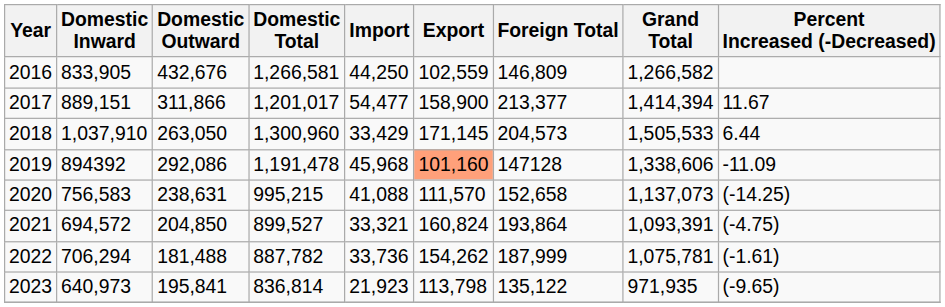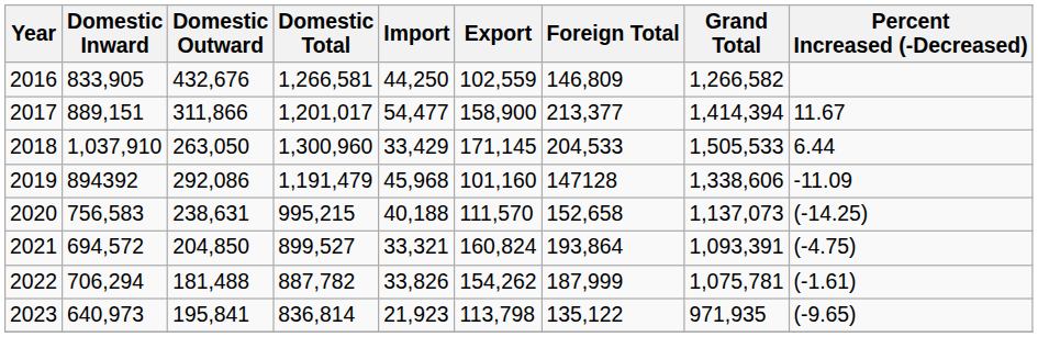 <table class="wikitable sortable">
 <tr>
 <th>Year</th>
 <th>Domestic<br>Inward</th>
 <th>Domestic<br>Outward</th>
 <th>Domestic<br>Total</th>
 <th>Import</th>
 <th>Export</th>
 <th>Foreign Total</th>
 <th>Grand<br>Total</th>
 <th>Percent<br>Increased (-Decreased)</th>
 </tr>
 <tr>
 <td>2016</td>
 <td>833,905</td>
 <td>432,676</td>
 <td>1,266,581</td>
 <td>44,250</td>
 <td>102,559</td>
 <td>146,809</td>
 <td>1,266,582</td>
 <td></td>
 </tr>
 <tr>
 <td>2017</td>
 <td>889,151</td>
 <td>311,866</td>
 <td>1,201,017</td>
 <td>54,477</td>
 <td>158,900</td>
 <td>213,377</td>
 <td>1,414,394</td>
 <td>11.67</td>
 </tr>
 <tr>
 <td>2018</td>
 <td>1,037,910</td>
 <td>263,050</td>
 <td>1,300,960</td>
 <td>33,429</td>
 <td>171,145</td>
-<td>204,573</td>
+<td>204,533</td>
 <td>1,505,533</td>
 <td>6.44</td>
 </tr>
 <tr>
 <td>2019</td>
 <td>894392</td>
 <td>292,086</td>
-<td>1,191,478</td>
+<td>1,191,479</td>
 <td>45,968</td>
-<td style="background: lightsalmon;">101,160</td>
+<td>101,160</td>
 <td>147128</td>
 <td>1,338,606</td>
 <td>-11.09</td>
 </tr>
 <tr>
 <td>2020</td>
 <td>756,583</td>
 <td>238,631</td>
 <td>995,215</td>
-<td>41,088</td>
+<td>40,188</td>
 <td>111,570</td>
 <td>152,658</td>
 <td>1,137,073</td>
 <td>(-14.25)</td>
 </tr>
 <tr>
 <td>2021</td>
 <td>694,572</td>
 <td>204,850</td>
 <td>899,527</td>
 <td>33,321</td>
 <td>160,824</td>
 <td>193,864</td>
 <td>1,093,391</td>
 <td>(-4.75)</td>
 </tr>
 <tr>
 <td>2022</td>
 <td>706,294</td>
 <td>181,488</td>
 <td>887,782</td>
-<td>33,736</td>
+<td>33,826</td>
 <td>154,262</td>
 <td>187,999</td>
 <td>1,075,781</td>
 <td>(-1.61)</td>
 </tr>
 <tr>
 <td>2023</td>
 <td>640,973</td>
 <td>195,841</td>
 <td>836,814</td>
 <td>21,923</td>
 <td>113,798</td>
 <td>135,122</td>
 <td>971,935</td>
 <td>(-9.65)</td>
 </tr>
 <tr>
 </tr>
 </table>
